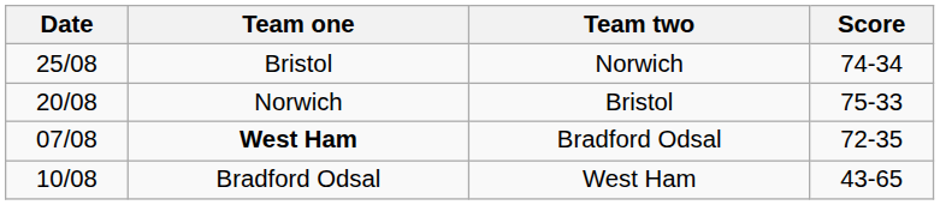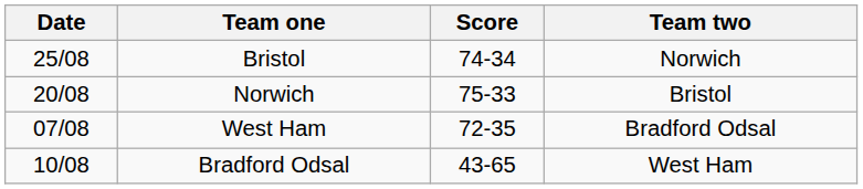 <table class="wikitable" style="text-align: center">
 <tr>
 <th width=80>Date</th>
 <th width=250>Team one</th>
+<th width=80>Score</th>
 <th width=250>Team two</th>
-<th width=80>Score</th>
 </tr>
 <tr>
 <td>25/08</td>
 <td>Bristol</td>
+<td>74-34</td>
 <td>Norwich</td>
-<td>74-34</td>
 </tr>
 <tr>
 <td>20/08</td>
 <td>Norwich</td>
+<td>75-33</td>
 <td>Bristol</td>
-<td>75-33</td>
 </tr>
 <tr>
 <td>07/08</td>
-<td><strong>West Ham</strong></td>
+<td>West Ham</td>
+<td>72-35</td>
 <td>Bradford Odsal</td>
-<td>72-35</td>
 </tr>
 <tr>
 <td>10/08</td>
 <td>Bradford Odsal</td>
+<td>43-65</td>
 <td>West Ham</td>
-<td>43-65</td>
 </tr>
 </table>
